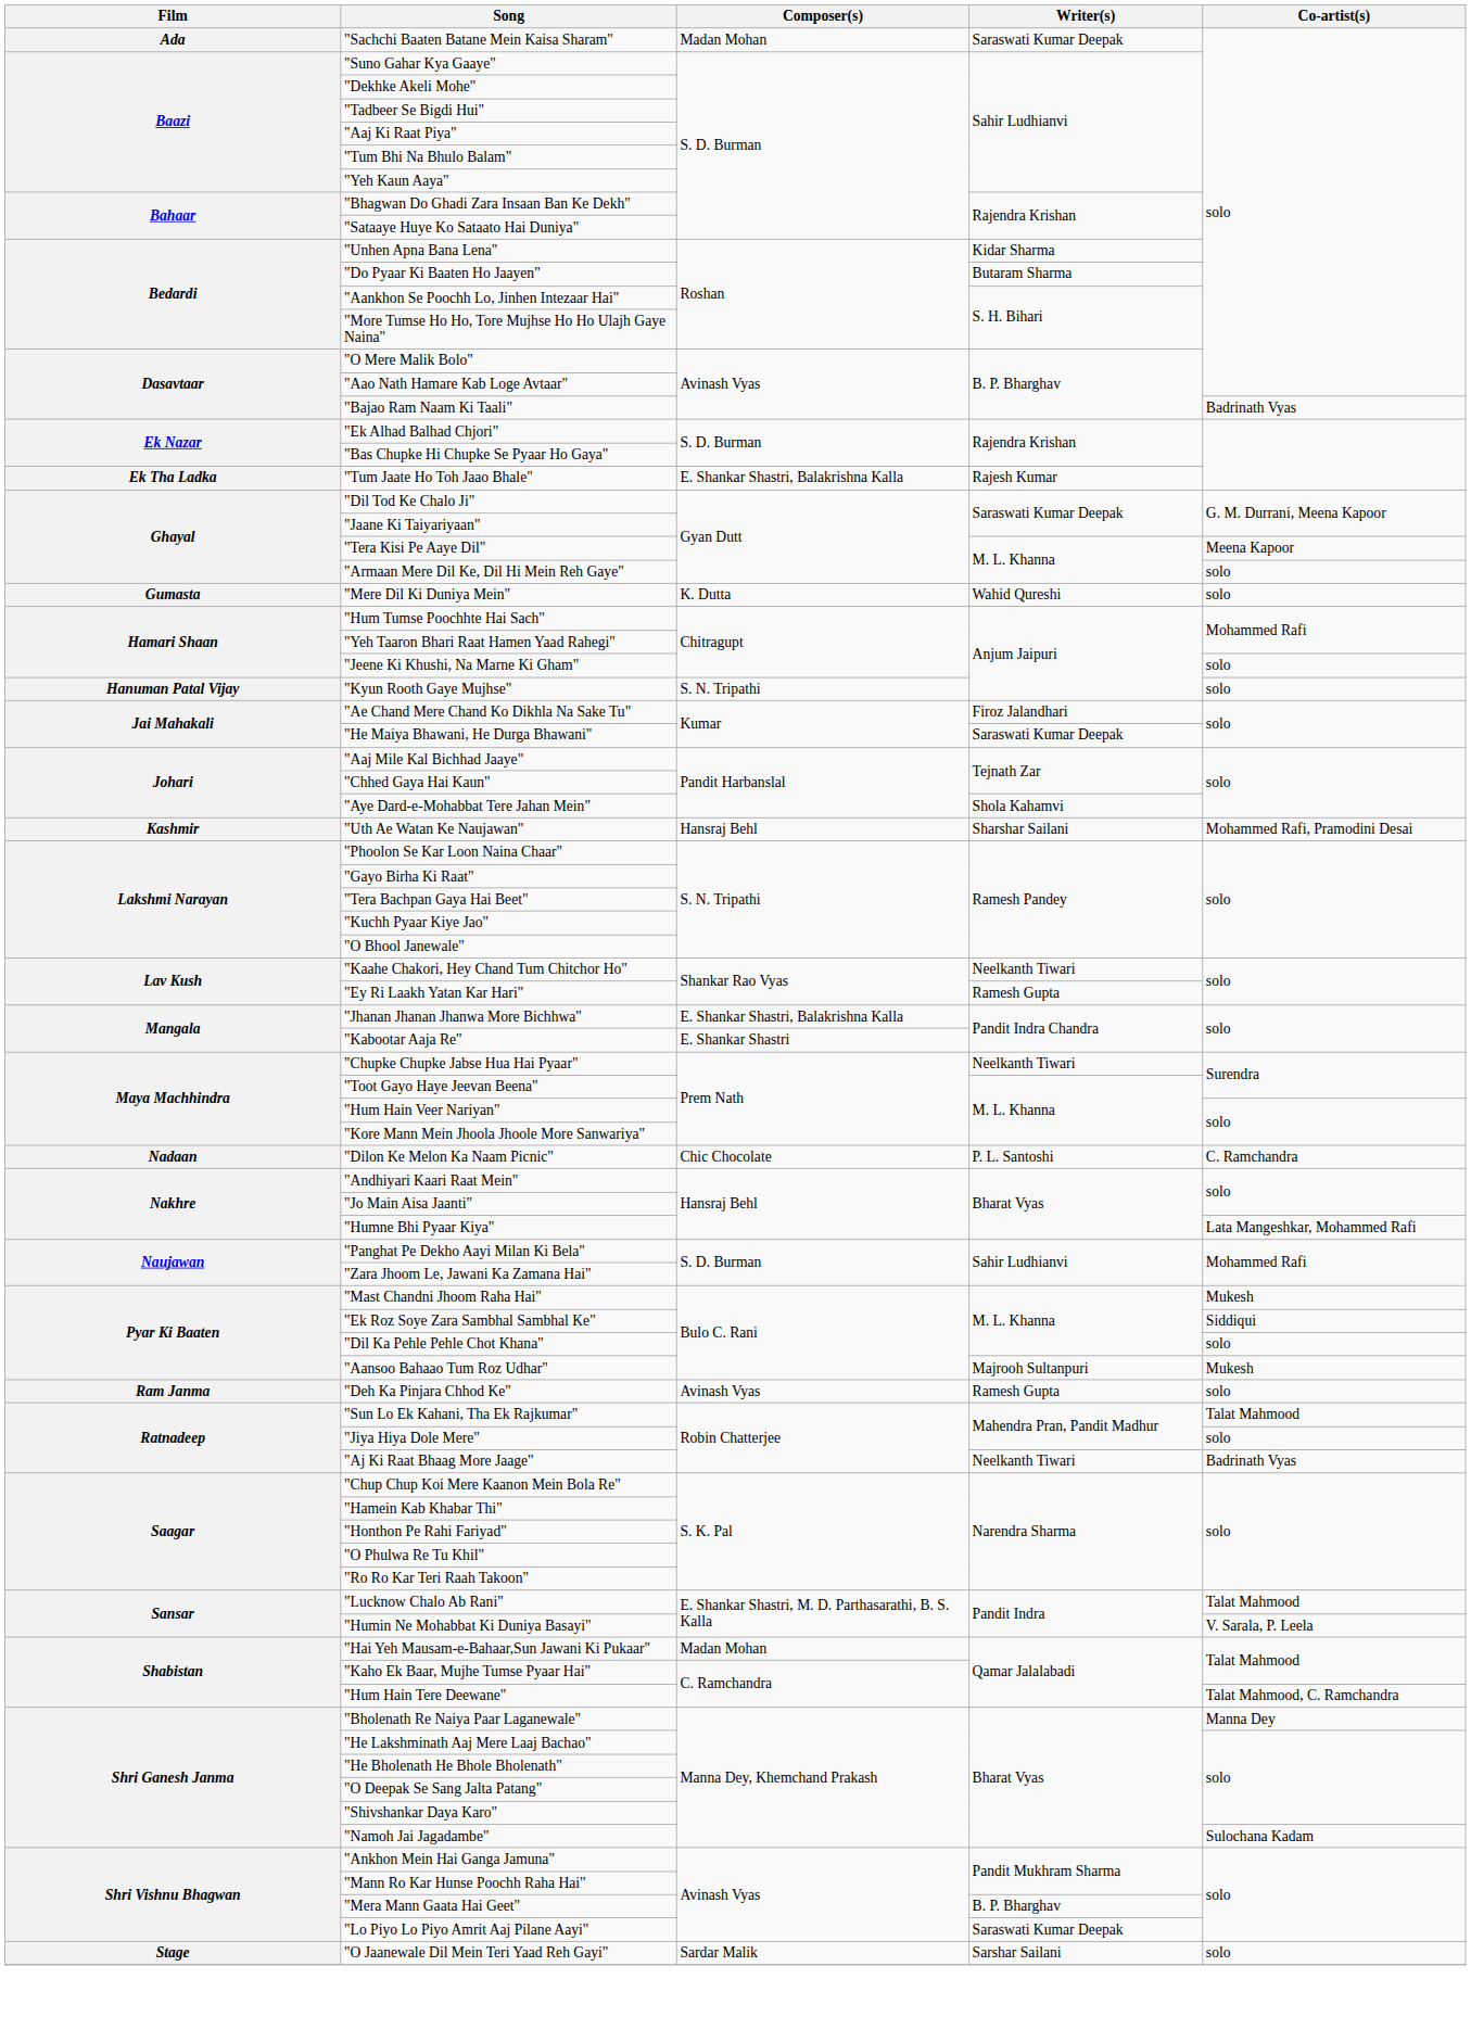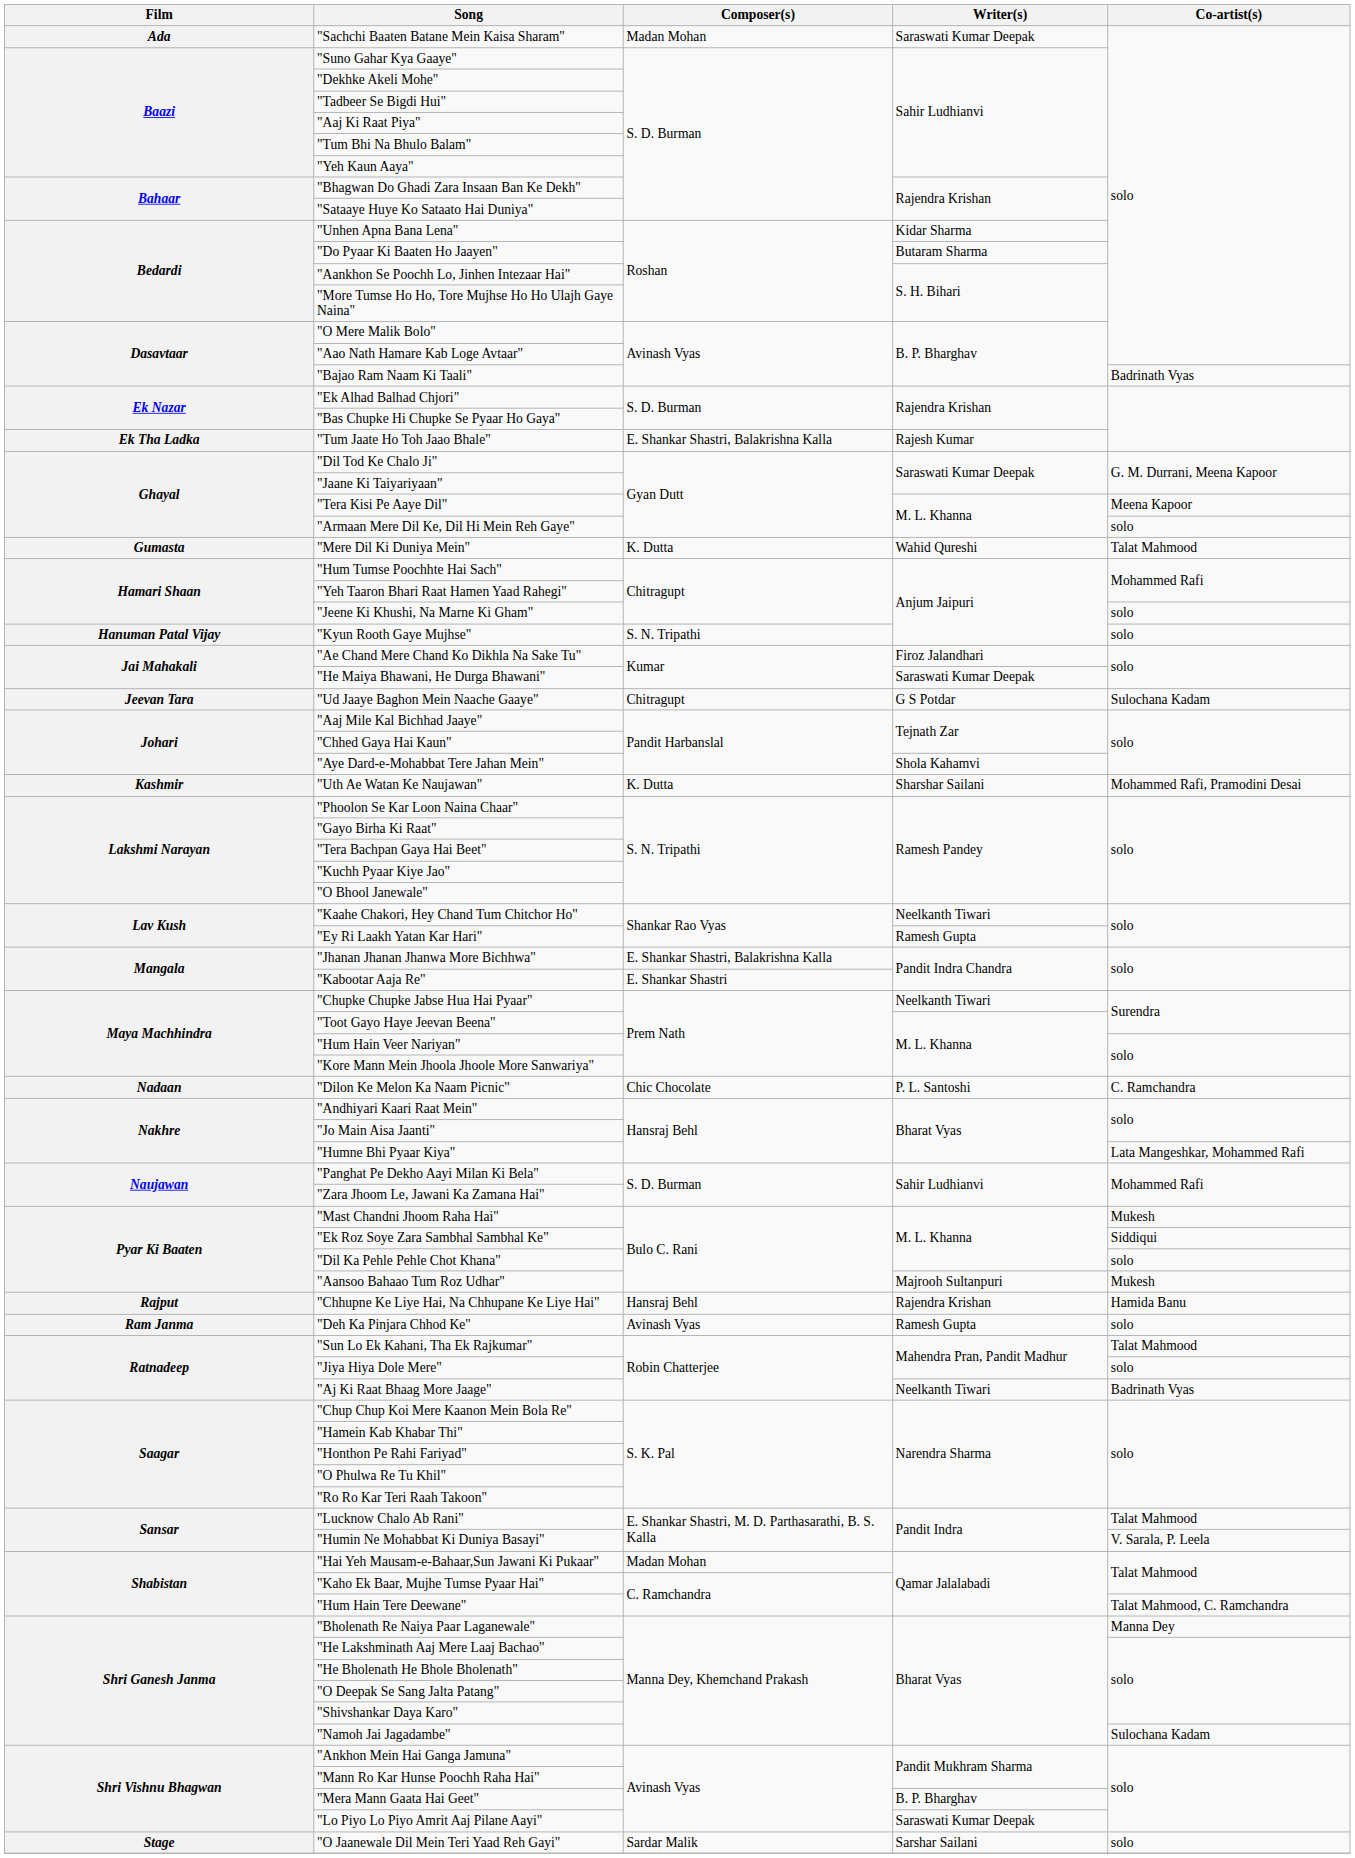 <table class="wikitable plainrowheaders" width="100%" textcolor:#000;">
 <tr style="background:#b0e0e66;">
 <th scope="col" width=23%><strong>Film</strong></th>
 <th scope="col" width=23%><strong>Song</strong></th>
 <th scope="col" width=20%><strong>Composer(s)</strong></th>
 <th scope="col" width=16%><strong>Writer(s)</strong></th>
 <th scope="col" width=18%><strong>Co-artist(s)</strong></th>
 </tr>
 <tr>
 <th><em>Ada</em></th>
 <td>"Sachchi Baaten Batane Mein Kaisa Sharam"</td>
 <td>Madan Mohan</td>
 <td>Saraswati Kumar Deepak</td>
 <td rowspan=15>solo</td>
 </tr>
 <tr>
 <th rowspan=6><em><a href='#'>Baazi</a></em></th>
 <td>"Suno Gahar Kya Gaaye"</td>
 <td rowspan=8>S. D. Burman</td>
 <td rowspan=6>Sahir Ludhianvi</td>
 </tr>
 <tr>
 <td>"Dekhke Akeli Mohe"</td>
 </tr>
 <tr>
 <td>"Tadbeer Se Bigdi Hui"</td>
 </tr>
 <tr>
 <td>"Aaj Ki Raat Piya"</td>
 </tr>
 <tr>
 <td>"Tum Bhi Na Bhulo Balam"</td>
 </tr>
 <tr>
 <td>"Yeh Kaun Aaya"</td>
 </tr>
 <tr>
 <th Rowspan=2><em><a href='#'>Bahaar</a></em></th>
 <td>"Bhagwan Do Ghadi Zara Insaan Ban Ke Dekh"</td>
 <td rowspan=2>Rajendra Krishan</td>
 </tr>
 <tr>
 <td>"Sataaye Huye Ko Sataato Hai Duniya"</td>
 </tr>
 <tr>
 <th Rowspan=4><em>Bedardi</em></th>
 <td>"Unhen Apna Bana Lena"</td>
 <td rowspan=4>Roshan</td>
 <td>Kidar Sharma</td>
 </tr>
 <tr>
 <td>"Do Pyaar Ki Baaten Ho Jaayen"</td>
 <td>Butaram Sharma</td>
 </tr>
 <tr>
 <td>"Aankhon Se Poochh Lo, Jinhen Intezaar Hai"</td>
 <td Rowspan=2>S. H. Bihari</td>
 </tr>
 <tr>
 <td>"More Tumse Ho Ho, Tore Mujhse Ho Ho Ulajh Gaye Naina"</td>
 </tr>
 <tr>
 <th Rowspan=3><em>Dasavtaar</em></th>
 <td>"O Mere Malik Bolo"</td>
 <td rowspan=3>Avinash Vyas</td>
 <td rowspan=3>B. P. Bharghav</td>
 </tr>
 <tr>
 <td>"Aao Nath Hamare Kab Loge Avtaar"</td>
 </tr>
 <tr>
 <td>"Bajao Ram Naam Ki Taali"</td>
 <td>Badrinath Vyas</td>
 </tr>
 <tr>
 <th Rowspan=2><em><a href='#'>Ek Nazar</a></em></th>
 <td>"Ek Alhad Balhad Chjori"</td>
 <td rowspan=2>S. D. Burman</td>
 <td rowspan=2>Rajendra Krishan</td>
 </tr>
 <tr>
 <td>"Bas Chupke Hi Chupke Se Pyaar Ho Gaya"</td>
 </tr>
 <tr>
 <th><em>Ek Tha Ladka</em></th>
 <td>"Tum Jaate Ho Toh Jaao Bhale"</td>
 <td>E. Shankar Shastri, Balakrishna Kalla</td>
 <td>Rajesh Kumar</td>
 </tr>
 <tr>
 <th Rowspan=4><em>Ghayal</em></th>
 <td>"Dil Tod Ke Chalo Ji"</td>
 <td rowspan=4>Gyan Dutt</td>
 <td rowspan=2>Saraswati Kumar Deepak</td>
 <td Rowspan=2>G. M. Durrani, Meena Kapoor</td>
 </tr>
 <tr>
 <td>"Jaane Ki Taiyariyaan"</td>
 </tr>
 <tr>
 <td>"Tera Kisi Pe Aaye Dil"</td>
 <td rowspan=2>M. L. Khanna</td>
 <td>Meena Kapoor</td>
 </tr>
 <tr>
 <td>"Armaan Mere Dil Ke, Dil Hi Mein Reh Gaye"</td>
 <td>solo</td>
 </tr>
 <tr>
 <th><em>Gumasta</em></th>
 <td>"Mere Dil Ki Duniya Mein"</td>
 <td>K. Dutta</td>
 <td>Wahid Qureshi</td>
-<td>solo</td>
+<td>Talat Mahmood</td>
 </tr>
 <tr>
 <th Rowspan=3><em>Hamari Shaan</em></th>
 <td>"Hum Tumse Poochhte Hai Sach"</td>
 <td rowspan=3>Chitragupt</td>
 <td rowspan=4>Anjum Jaipuri</td>
 <td rowspan=2>Mohammed Rafi</td>
 </tr>
 <tr>
 <td>"Yeh Taaron Bhari Raat Hamen Yaad Rahegi"</td>
 </tr>
 <tr>
 <td>"Jeene Ki Khushi, Na Marne Ki Gham"</td>
 <td>solo</td>
 </tr>
 <tr>
 <th><em>Hanuman Patal Vijay</em></th>
 <td>"Kyun Rooth Gaye Mujhse"</td>
 <td>S. N. Tripathi</td>
 <td>solo</td>
 </tr>
 <tr>
 <th Rowspan=2><em>Jai Mahakali</em></th>
 <td>"Ae Chand Mere Chand Ko Dikhla Na Sake Tu"</td>
 <td rowspan=2>Kumar</td>
 <td rowspan=1>Firoz Jalandhari</td>
 <td rowspan=2>solo</td>
 </tr>
 <tr>
 <td>"He Maiya Bhawani, He Durga Bhawani"</td>
 <td>Saraswati Kumar Deepak</td>
 </tr>
 <tr>
+<th Rowspan=1><em>Jeevan Tara</em></th>
+<td>"Ud Jaaye Baghon Mein Naache Gaaye"</td>
+<td rowspan=1>Chitragupt</td>
+<td rowspan=1>G S Potdar</td>
+<td>Sulochana Kadam</td>
+</tr>
+<tr>
 <th Rowspan=3><em>Johari</em></th>
 <td>"Aaj Mile Kal Bichhad Jaaye"</td>
 <td rowspan=3>Pandit Harbanslal</td>
 <td rowspan=2>Tejnath Zar</td>
 <td rowspan=3>solo</td>
 </tr>
 <tr>
 <td>"Chhed Gaya Hai Kaun"</td>
 </tr>
 <tr>
 <td>"Aye Dard-e-Mohabbat Tere Jahan Mein"</td>
 <td>Shola Kahamvi</td>
 </tr>
 <tr>
 <th Rowspan=1><em>Kashmir</em></th>
 <td>"Uth Ae Watan Ke Naujawan"</td>
-<td rowspan=1>Hansraj Behl</td>
+<td>K. Dutta</td>
 <td rowspan=1>Sharshar Sailani</td>
 <td rowspan=1>Mohammed Rafi, Pramodini Desai</td>
 </tr>
 <tr>
 <th Rowspan=5><em>Lakshmi Narayan</em></th>
 <td>"Phoolon Se Kar Loon Naina Chaar"</td>
 <td rowspan=5>S. N. Tripathi</td>
 <td rowspan=5>Ramesh Pandey</td>
 <td rowspan=5>solo</td>
 </tr>
 <tr>
 <td>"Gayo Birha Ki Raat"</td>
 </tr>
 <tr>
 <td>"Tera Bachpan Gaya Hai Beet"</td>
 </tr>
 <tr>
 <td>"Kuchh Pyaar Kiye Jao"</td>
 </tr>
 <tr>
 <td>"O Bhool Janewale"</td>
 </tr>
 <tr>
 <th Rowspan=2><em>Lav Kush</em></th>
 <td>"Kaahe Chakori, Hey Chand Tum Chitchor Ho"</td>
 <td rowspan=2>Shankar Rao Vyas</td>
 <td>Neelkanth Tiwari</td>
 <td rowspan=2>solo</td>
 </tr>
 <tr>
 <td>"Ey Ri Laakh Yatan Kar Hari"</td>
 <td>Ramesh Gupta</td>
 </tr>
 <tr>
 <th Rowspan=2><em>Mangala</em></th>
 <td>"Jhanan Jhanan Jhanwa More Bichhwa"</td>
 <td>E. Shankar Shastri, Balakrishna Kalla</td>
 <td rowspan=2>Pandit Indra Chandra</td>
 <td rowspan=2>solo</td>
 </tr>
 <tr>
 <td>"Kabootar Aaja Re"</td>
 <td>E. Shankar Shastri</td>
 </tr>
 <tr>
 <th Rowspan=4><em>Maya Machhindra</em></th>
 <td>"Chupke Chupke Jabse Hua Hai Pyaar"</td>
 <td rowspan=4>Prem Nath</td>
 <td>Neelkanth Tiwari</td>
 <td rowspan=2>Surendra</td>
 </tr>
 <tr>
 <td>"Toot Gayo Haye Jeevan Beena"</td>
 <td Rowspan=3>M. L. Khanna</td>
 </tr>
 <tr>
 <td>"Hum Hain Veer Nariyan"</td>
 <td rowspan=2>solo</td>
 </tr>
 <tr>
 <td>"Kore Mann Mein Jhoola Jhoole More Sanwariya"</td>
 </tr>
 <tr>
 <th><em>Nadaan</em></th>
 <td>"Dilon Ke Melon Ka Naam Picnic"</td>
 <td>Chic Chocolate</td>
 <td>P. L. Santoshi</td>
 <td>C. Ramchandra</td>
 </tr>
 <tr>
 <th Rowspan=3><em>Nakhre</em></th>
 <td>"Andhiyari Kaari Raat Mein"</td>
 <td rowspan=3>Hansraj Behl</td>
 <td rowspan=3>Bharat Vyas</td>
 <td rowspan=2>solo</td>
 </tr>
 <tr>
 <td>"Jo Main Aisa Jaanti"</td>
 </tr>
 <tr>
 <td>"Humne Bhi Pyaar Kiya"</td>
 <td>Lata Mangeshkar,  Mohammed Rafi</td>
 </tr>
 <tr>
 <th Rowspan=2><em><a href='#'>Naujawan</a></em></th>
 <td>"Panghat Pe Dekho Aayi Milan Ki Bela"</td>
 <td Rowspan=2>S. D. Burman</td>
 <td rowspan=2>Sahir Ludhianvi</td>
 <td Rowspan=2>Mohammed Rafi</td>
 </tr>
 <tr>
 <td>"Zara Jhoom Le, Jawani Ka Zamana Hai"</td>
 </tr>
 <tr>
 <th rowspan=4><em>Pyar Ki Baaten</em></th>
 <td>"Mast Chandni Jhoom Raha Hai"</td>
 <td rowspan=4>Bulo C. Rani</td>
 <td rowspan=3>M. L. Khanna</td>
 <td>Mukesh</td>
 </tr>
 <tr>
 <td>"Ek Roz Soye Zara Sambhal Sambhal Ke"</td>
 <td>Siddiqui</td>
 </tr>
 <tr>
 <td>"Dil Ka Pehle Pehle Chot Khana"</td>
 <td>solo</td>
 </tr>
 <tr>
 <td>"Aansoo Bahaao Tum Roz Udhar"</td>
 <td>Majrooh Sultanpuri</td>
 <td>Mukesh</td>
+</tr>
+<tr>
+<th><em>Rajput</em></th>
+<td>"Chhupne Ke Liye Hai, Na Chhupane Ke Liye Hai"</td>
+<td>Hansraj Behl</td>
+<td>Rajendra Krishan</td>
+<td>Hamida Banu</td>
 </tr>
 <tr>
 <th Rowspan=1><em>Ram Janma</em></th>
 <td>"Deh Ka Pinjara Chhod Ke"</td>
 <td>Avinash Vyas</td>
 <td>Ramesh Gupta</td>
 <td>solo</td>
 </tr>
 <tr>
 <th rowspan=3><em>Ratnadeep</em></th>
 <td>"Sun Lo Ek Kahani, Tha Ek Rajkumar"</td>
 <td rowspan=3>Robin Chatterjee</td>
 <td rowspan=2>Mahendra Pran, Pandit Madhur</td>
 <td>Talat Mahmood</td>
 </tr>
 <tr>
 <td>"Jiya Hiya Dole Mere"</td>
 <td>solo</td>
 </tr>
 <tr>
 <td>"Aj Ki Raat Bhaag More Jaage"</td>
 <td>Neelkanth Tiwari</td>
 <td>Badrinath Vyas</td>
 </tr>
 <tr>
 <th Rowspan=5><em>Saagar</em></th>
 <td>"Chup Chup Koi Mere Kaanon Mein Bola Re"</td>
 <td rowspan=5>S. K. Pal</td>
 <td rowspan=5>Narendra Sharma</td>
 <td rowspan=5>solo</td>
 </tr>
 <tr>
 <td>"Hamein Kab Khabar Thi"</td>
 </tr>
 <tr>
 <td>"Honthon Pe Rahi Fariyad"</td>
 </tr>
 <tr>
 <td>"O Phulwa Re Tu Khil"</td>
 </tr>
 <tr>
 <td>"Ro Ro Kar Teri Raah Takoon"</td>
 </tr>
 <tr>
 <th Rowspan=2><em>Sansar</em></th>
 <td>"Lucknow Chalo Ab Rani"</td>
 <td rowspan=2>E. Shankar Shastri, M. D. Parthasarathi, B. S. Kalla</td>
 <td rowspan=2>Pandit Indra</td>
 <td>Talat Mahmood</td>
 </tr>
 <tr>
 <td>"Humin Ne Mohabbat Ki Duniya Basayi"</td>
 <td>V. Sarala, P. Leela</td>
 </tr>
 <tr>
 <th Rowspan=3><em>Shabistan</em></th>
 <td>"Hai Yeh Mausam-e-Bahaar,Sun Jawani Ki Pukaar"</td>
 <td>Madan Mohan</td>
 <td Rowspan=3>Qamar Jalalabadi</td>
 <td Rowspan=2>Talat Mahmood</td>
 </tr>
 <tr>
 <td>"Kaho Ek Baar, Mujhe Tumse Pyaar Hai"</td>
 <td rowspan=2>C. Ramchandra</td>
 </tr>
 <tr>
 <td>"Hum Hain Tere Deewane"</td>
 <td>Talat Mahmood, C. Ramchandra</td>
 </tr>
 <tr>
 <th rowspan=6><em>Shri Ganesh Janma</em></th>
 <td>"Bholenath Re Naiya Paar Laganewale"</td>
 <td rowspan=6>Manna Dey, Khemchand Prakash</td>
 <td rowspan=6>Bharat Vyas</td>
 <td rowspan=1>Manna Dey</td>
 </tr>
 <tr>
 <td>"He Lakshminath Aaj Mere Laaj Bachao"</td>
 <td rowspan=4>solo</td>
 </tr>
 <tr>
 <td>"He Bholenath He Bhole Bholenath"</td>
 </tr>
 <tr>
 <td>"O Deepak Se Sang Jalta Patang"</td>
 </tr>
 <tr>
 <td>"Shivshankar Daya Karo"</td>
 </tr>
 <tr>
 <td>"Namoh Jai Jagadambe"</td>
 <td>Sulochana Kadam</td>
 </tr>
 <tr>
 <th rowspan=4><em>Shri Vishnu Bhagwan</em></th>
 <td>"Ankhon Mein Hai Ganga Jamuna"</td>
 <td rowspan=4>Avinash Vyas</td>
 <td rowspan=2>Pandit Mukhram Sharma</td>
 <td rowspan=4>solo</td>
 </tr>
 <tr>
 <td>"Mann Ro Kar Hunse Poochh Raha Hai"</td>
 </tr>
 <tr>
 <td>"Mera Mann Gaata Hai Geet"</td>
 <td>B. P. Bharghav</td>
 </tr>
 <tr>
 <td>"Lo Piyo Lo Piyo Amrit Aaj Pilane Aayi"</td>
 <td>Saraswati Kumar Deepak</td>
 </tr>
 <tr>
 <th><em>Stage</em></th>
 <td>"O Jaanewale Dil Mein Teri Yaad Reh Gayi"</td>
 <td>Sardar Malik</td>
 <td>Sarshar Sailani</td>
 <td>solo</td>
 </tr>
 <tr>
 </tr>
 </table>
